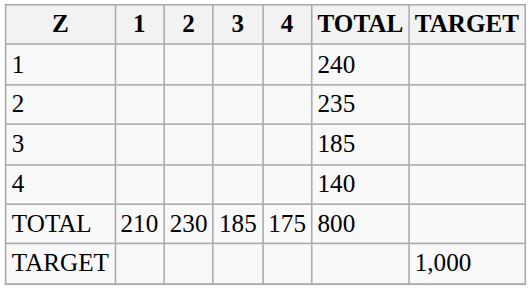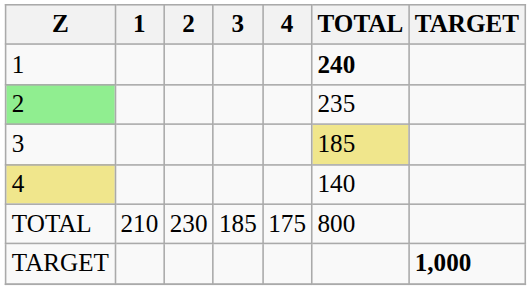 <table class="wikitable" style="margin:1em auto;">
 <tr>
 <th>Z</th>
 <th>1</th>
 <th>2</th>
 <th>3</th>
 <th>4</th>
 <th>TOTAL</th>
 <th>TARGET</th>
 </tr>
 <tr>
 <td>1</td>
 <td></td>
 <td></td>
 <td></td>
 <td></td>
-<td>240</td>
+<td><strong>240</strong></td>
 <td></td>
 </tr>
 <tr>
-<td>2</td>
+<td style="background: lightgreen;">2</td>
 <td></td>
 <td></td>
 <td></td>
 <td></td>
 <td>235</td>
 <td></td>
 </tr>
 <tr>
 <td>3</td>
 <td></td>
 <td></td>
 <td></td>
 <td></td>
-<td>185</td>
+<td style="background: khaki;">185</td>
 <td></td>
 </tr>
 <tr>
-<td>4</td>
+<td style="background: khaki;">4</td>
 <td></td>
 <td></td>
 <td></td>
 <td></td>
 <td>140</td>
 <td></td>
 </tr>
 <tr>
 <td>TOTAL</td>
 <td>210</td>
 <td>230</td>
 <td>185</td>
 <td>175</td>
 <td>800</td>
 <td></td>
 </tr>
 <tr>
 <td>TARGET</td>
 <td></td>
 <td></td>
 <td></td>
 <td></td>
 <td></td>
-<td>1,000</td>
+<td><strong>1,000</strong></td>
 </tr>
 <tr>
 </tr>
 </table>
